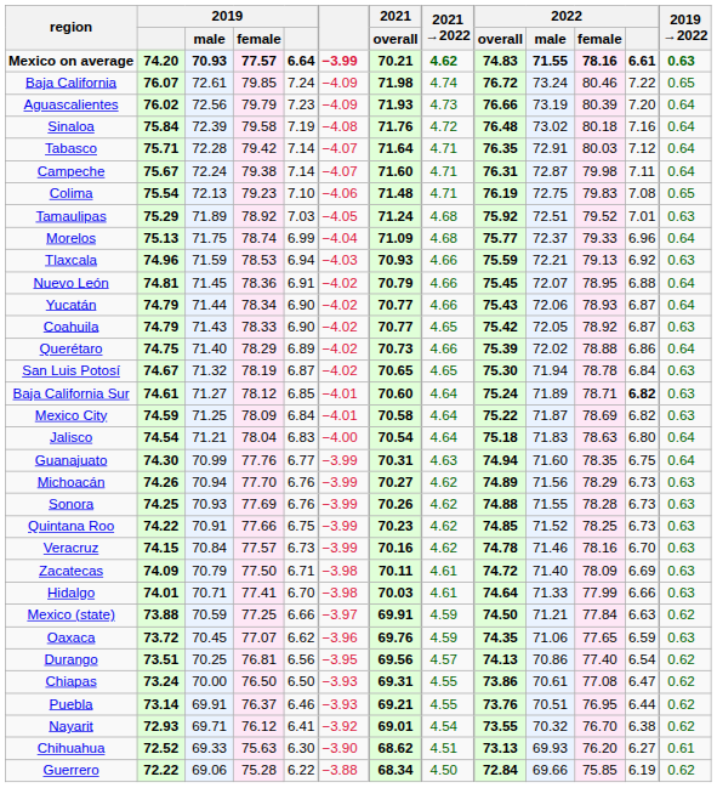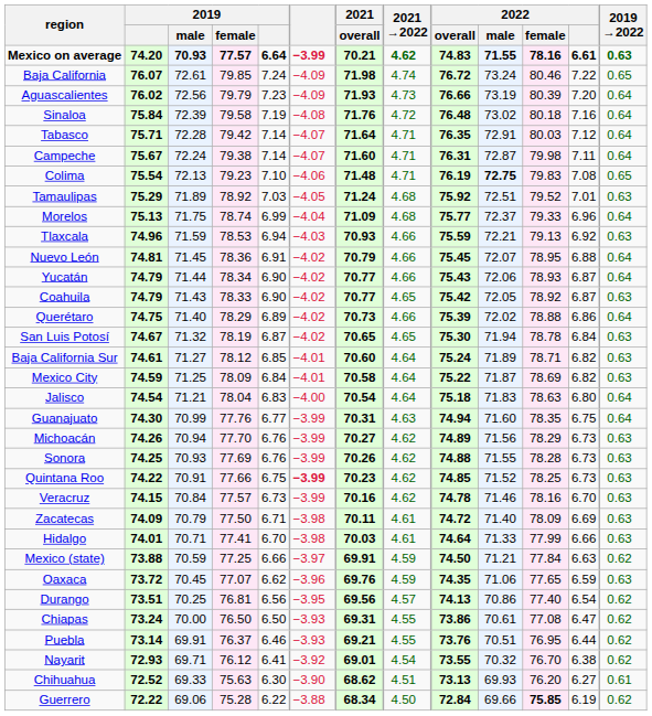 <table class="wikitable sortable mw-datatable static-row-numbers sticky-header-multi sort-under col1left col6right col8right col13right" style="text-align:center;">
 <tr>
 <th rowspan=2 style="vertical-align:middle;">region</th>
 <th colspan=4>2019</th>
 <th rowspan=2 style="vertical-align:middle;border-left-width:2px;"></th>
 <th style="border-left-width:2px;">2021</th>
 <th rowspan=2 style="vertical-align:middle;border-left-width:2px;">2021<br>→2022</th>
 <th colspan=4 style="border-left-width:2px;">2022</th>
 <th rowspan=2 style="vertical-align:middle;border-left-width:2px;">2019<br>→2022</th>
 </tr>
 <tr>
 <th style="vertical-align:middle;min-width:3em;"></th>
 <th style="vertical-align:middle;min-width:3em;">male</th>
 <th style="vertical-align:middle;min-width:3em;">female</th>
 <th></th>
 <th style="vertical-align:middle;min-width:3em;border-left-width:2px;">overall</th>
 <th style="vertical-align:middle;min-width:3em;border-left-width:2px;">overall</th>
 <th style="vertical-align:middle;min-width:3em;">male</th>
 <th style="vertical-align:middle;min-width:3em;">female</th>
 <th></th>
 </tr>
 <tr class=static-row-header>
 <td><strong>Mexico on average</strong></td>
 <td style="background:#e0ffd8;"><strong>74.20</strong></td>
 <td style="background:#eaf3ff;"><strong>70.93</strong></td>
 <td style="background:#fee7f6;"><strong>77.57</strong></td>
 <td><strong>6.64</strong></td>
 <td style="padding-right:1.5ex;color:crimson;border-left-width:2px;"><strong>−3.99</strong></td>
 <td style="background:#e0ffd8;border-left-width:2px;"><strong>70.21</strong></td>
 <td style="padding-right:1.5ex;color:darkgreen;border-left-width:2px;"><strong>4.62</strong></td>
 <td style="background:#e0ffd8;border-left-width:2px;"><strong>74.83</strong></td>
 <td style="background:#eaf3ff;"><strong>71.55</strong></td>
 <td style="background:#fee7f6;"><strong>78.16</strong></td>
 <td><strong>6.61</strong></td>
 <td style="padding-right:1.5ex;color:darkgreen;border-left-width:2px;"><strong>0.63</strong></td>
 </tr>
 <tr>
 <td><a href='#'>Baja California</a></td>
 <td style="background:#e0ffd8;"><strong>76.07</strong></td>
 <td style="background:#eaf3ff;">72.61</td>
 <td style="background:#fee7f6;">79.85</td>
 <td>7.24</td>
 <td style="padding-right:1.5ex;color:crimson;border-left-width:2px;">−4.09</td>
 <td style="background:#e0ffd8;border-left-width:2px;"><strong>71.98</strong></td>
 <td style="padding-right:1.5ex;color:darkgreen;border-left-width:2px;">4.74</td>
 <td style="background:#e0ffd8;border-left-width:2px;"><strong>76.72</strong></td>
 <td style="background:#eaf3ff;">73.24</td>
 <td style="background:#fee7f6;">80.46</td>
 <td>7.22</td>
 <td style="padding-right:1.5ex;color:darkgreen;border-left-width:2px;">0.65</td>
 </tr>
 <tr>
 <td><a href='#'>Aguascalientes</a></td>
 <td style="background:#e0ffd8;"><strong>76.02</strong></td>
 <td style="background:#eaf3ff;">72.56</td>
 <td style="background:#fee7f6;">79.79</td>
 <td>7.23</td>
 <td style="padding-right:1.5ex;color:crimson;border-left-width:2px;">−4.09</td>
 <td style="background:#e0ffd8;border-left-width:2px;"><strong>71.93</strong></td>
 <td style="padding-right:1.5ex;color:darkgreen;border-left-width:2px;">4.73</td>
 <td style="background:#e0ffd8;border-left-width:2px;"><strong>76.66</strong></td>
 <td style="background:#eaf3ff;">73.19</td>
 <td style="background:#fee7f6;">80.39</td>
 <td>7.20</td>
 <td style="padding-right:1.5ex;color:darkgreen;border-left-width:2px;">0.64</td>
 </tr>
 <tr>
 <td><a href='#'>Sinaloa</a></td>
 <td style="background:#e0ffd8;"><strong>75.84</strong></td>
 <td style="background:#eaf3ff;">72.39</td>
 <td style="background:#fee7f6;">79.58</td>
 <td>7.19</td>
 <td style="padding-right:1.5ex;color:crimson;border-left-width:2px;">−4.08</td>
 <td style="background:#e0ffd8;border-left-width:2px;"><strong>71.76</strong></td>
 <td style="padding-right:1.5ex;color:darkgreen;border-left-width:2px;">4.72</td>
 <td style="background:#e0ffd8;border-left-width:2px;"><strong>76.48</strong></td>
 <td style="background:#eaf3ff;">73.02</td>
 <td style="background:#fee7f6;">80.18</td>
 <td>7.16</td>
 <td style="padding-right:1.5ex;color:darkgreen;border-left-width:2px;">0.64</td>
 </tr>
 <tr>
 <td><a href='#'>Tabasco</a></td>
 <td style="background:#e0ffd8;"><strong>75.71</strong></td>
 <td style="background:#eaf3ff;">72.28</td>
 <td style="background:#fee7f6;">79.42</td>
 <td>7.14</td>
 <td style="padding-right:1.5ex;color:crimson;border-left-width:2px;">−4.07</td>
 <td style="background:#e0ffd8;border-left-width:2px;"><strong>71.64</strong></td>
 <td style="padding-right:1.5ex;color:darkgreen;border-left-width:2px;">4.71</td>
 <td style="background:#e0ffd8;border-left-width:2px;"><strong>76.35</strong></td>
 <td style="background:#eaf3ff;">72.91</td>
 <td style="background:#fee7f6;">80.03</td>
 <td>7.12</td>
 <td style="padding-right:1.5ex;color:darkgreen;border-left-width:2px;">0.64</td>
 </tr>
 <tr>
 <td><a href='#'>Campeche</a></td>
 <td style="background:#e0ffd8;"><strong>75.67</strong></td>
 <td style="background:#eaf3ff;">72.24</td>
 <td style="background:#fee7f6;">79.38</td>
 <td>7.14</td>
 <td style="padding-right:1.5ex;color:crimson;border-left-width:2px;">−4.07</td>
 <td style="background:#e0ffd8;border-left-width:2px;"><strong>71.60</strong></td>
 <td style="padding-right:1.5ex;color:darkgreen;border-left-width:2px;">4.71</td>
 <td style="background:#e0ffd8;border-left-width:2px;"><strong>76.31</strong></td>
 <td style="background:#eaf3ff;">72.87</td>
 <td style="background:#fee7f6;">79.98</td>
 <td>7.11</td>
 <td style="padding-right:1.5ex;color:darkgreen;border-left-width:2px;">0.64</td>
 </tr>
 <tr>
 <td><a href='#'>Colima</a></td>
 <td style="background:#e0ffd8;"><strong>75.54</strong></td>
 <td style="background:#eaf3ff;">72.13</td>
 <td style="background:#fee7f6;">79.23</td>
 <td>7.10</td>
 <td style="padding-right:1.5ex;color:crimson;border-left-width:2px;">−4.06</td>
 <td style="background:#e0ffd8;border-left-width:2px;"><strong>71.48</strong></td>
 <td style="padding-right:1.5ex;color:darkgreen;border-left-width:2px;">4.71</td>
 <td style="background:#e0ffd8;border-left-width:2px;"><strong>76.19</strong></td>
-<td style="background:#eaf3ff;">72.75</td>
+<td style="background:#eaf3ff;"><strong>72.75</strong></td>
 <td style="background:#fee7f6;">79.83</td>
 <td>7.08</td>
 <td style="padding-right:1.5ex;color:darkgreen;border-left-width:2px;">0.65</td>
 </tr>
 <tr>
 <td><a href='#'>Tamaulipas</a></td>
 <td style="background:#e0ffd8;"><strong>75.29</strong></td>
 <td style="background:#eaf3ff;">71.89</td>
 <td style="background:#fee7f6;">78.92</td>
 <td>7.03</td>
 <td style="padding-right:1.5ex;color:crimson;border-left-width:2px;">−4.05</td>
 <td style="background:#e0ffd8;border-left-width:2px;"><strong>71.24</strong></td>
 <td style="padding-right:1.5ex;color:darkgreen;border-left-width:2px;">4.68</td>
 <td style="background:#e0ffd8;border-left-width:2px;"><strong>75.92</strong></td>
 <td style="background:#eaf3ff;">72.51</td>
 <td style="background:#fee7f6;">79.52</td>
 <td>7.01</td>
 <td style="padding-right:1.5ex;color:darkgreen;border-left-width:2px;">0.63</td>
 </tr>
 <tr>
 <td><a href='#'>Morelos</a></td>
 <td style="background:#e0ffd8;"><strong>75.13</strong></td>
 <td style="background:#eaf3ff;">71.75</td>
 <td style="background:#fee7f6;">78.74</td>
 <td>6.99</td>
 <td style="padding-right:1.5ex;color:crimson;border-left-width:2px;">−4.04</td>
 <td style="background:#e0ffd8;border-left-width:2px;"><strong>71.09</strong></td>
 <td style="padding-right:1.5ex;color:darkgreen;border-left-width:2px;">4.68</td>
 <td style="background:#e0ffd8;border-left-width:2px;"><strong>75.77</strong></td>
 <td style="background:#eaf3ff;">72.37</td>
 <td style="background:#fee7f6;">79.33</td>
 <td>6.96</td>
 <td style="padding-right:1.5ex;color:darkgreen;border-left-width:2px;">0.64</td>
 </tr>
 <tr>
 <td><a href='#'>Tlaxcala</a></td>
 <td style="background:#e0ffd8;"><strong>74.96</strong></td>
 <td style="background:#eaf3ff;">71.59</td>
 <td style="background:#fee7f6;">78.53</td>
 <td>6.94</td>
 <td style="padding-right:1.5ex;color:crimson;border-left-width:2px;">−4.03</td>
 <td style="background:#e0ffd8;border-left-width:2px;"><strong>70.93</strong></td>
 <td style="padding-right:1.5ex;color:darkgreen;border-left-width:2px;">4.66</td>
 <td style="background:#e0ffd8;border-left-width:2px;"><strong>75.59</strong></td>
 <td style="background:#eaf3ff;">72.21</td>
 <td style="background:#fee7f6;">79.13</td>
 <td>6.92</td>
 <td style="padding-right:1.5ex;color:darkgreen;border-left-width:2px;">0.63</td>
 </tr>
 <tr>
 <td><a href='#'>Nuevo León</a></td>
 <td style="background:#e0ffd8;"><strong>74.81</strong></td>
 <td style="background:#eaf3ff;">71.45</td>
 <td style="background:#fee7f6;">78.36</td>
 <td>6.91</td>
 <td style="padding-right:1.5ex;color:crimson;border-left-width:2px;">−4.02</td>
 <td style="background:#e0ffd8;border-left-width:2px;"><strong>70.79</strong></td>
 <td style="padding-right:1.5ex;color:darkgreen;border-left-width:2px;">4.66</td>
 <td style="background:#e0ffd8;border-left-width:2px;"><strong>75.45</strong></td>
 <td style="background:#eaf3ff;">72.07</td>
 <td style="background:#fee7f6;">78.95</td>
 <td>6.88</td>
 <td style="padding-right:1.5ex;color:darkgreen;border-left-width:2px;">0.64</td>
 </tr>
 <tr>
 <td><a href='#'>Yucatán</a></td>
 <td style="background:#e0ffd8;"><strong>74.79</strong></td>
 <td style="background:#eaf3ff;">71.44</td>
 <td style="background:#fee7f6;">78.34</td>
 <td>6.90</td>
 <td style="padding-right:1.5ex;color:crimson;border-left-width:2px;">−4.02</td>
 <td style="background:#e0ffd8;border-left-width:2px;"><strong>70.77</strong></td>
 <td style="padding-right:1.5ex;color:darkgreen;border-left-width:2px;">4.66</td>
 <td style="background:#e0ffd8;border-left-width:2px;"><strong>75.43</strong></td>
 <td style="background:#eaf3ff;">72.06</td>
 <td style="background:#fee7f6;">78.93</td>
 <td>6.87</td>
 <td style="padding-right:1.5ex;color:darkgreen;border-left-width:2px;">0.64</td>
 </tr>
 <tr>
 <td><a href='#'>Coahuila</a></td>
 <td style="background:#e0ffd8;"><strong>74.79</strong></td>
 <td style="background:#eaf3ff;">71.43</td>
 <td style="background:#fee7f6;">78.33</td>
 <td>6.90</td>
 <td style="padding-right:1.5ex;color:crimson;border-left-width:2px;">−4.02</td>
 <td style="background:#e0ffd8;border-left-width:2px;"><strong>70.77</strong></td>
 <td style="padding-right:1.5ex;color:darkgreen;border-left-width:2px;">4.65</td>
 <td style="background:#e0ffd8;border-left-width:2px;"><strong>75.42</strong></td>
 <td style="background:#eaf3ff;">72.05</td>
 <td style="background:#fee7f6;">78.92</td>
 <td>6.87</td>
 <td style="padding-right:1.5ex;color:darkgreen;border-left-width:2px;">0.63</td>
 </tr>
 <tr>
 <td><a href='#'>Querétaro</a></td>
 <td style="background:#e0ffd8;"><strong>74.75</strong></td>
 <td style="background:#eaf3ff;">71.40</td>
 <td style="background:#fee7f6;">78.29</td>
 <td>6.89</td>
 <td style="padding-right:1.5ex;color:crimson;border-left-width:2px;">−4.02</td>
 <td style="background:#e0ffd8;border-left-width:2px;"><strong>70.73</strong></td>
 <td style="padding-right:1.5ex;color:darkgreen;border-left-width:2px;">4.66</td>
 <td style="background:#e0ffd8;border-left-width:2px;"><strong>75.39</strong></td>
 <td style="background:#eaf3ff;">72.02</td>
 <td style="background:#fee7f6;">78.88</td>
 <td>6.86</td>
 <td style="padding-right:1.5ex;color:darkgreen;border-left-width:2px;">0.64</td>
 </tr>
 <tr>
 <td><a href='#'>San Luis Potosí</a></td>
 <td style="background:#e0ffd8;"><strong>74.67</strong></td>
 <td style="background:#eaf3ff;">71.32</td>
 <td style="background:#fee7f6;">78.19</td>
 <td>6.87</td>
 <td style="padding-right:1.5ex;color:crimson;border-left-width:2px;">−4.02</td>
 <td style="background:#e0ffd8;border-left-width:2px;"><strong>70.65</strong></td>
 <td style="padding-right:1.5ex;color:darkgreen;border-left-width:2px;">4.65</td>
 <td style="background:#e0ffd8;border-left-width:2px;"><strong>75.30</strong></td>
 <td style="background:#eaf3ff;">71.94</td>
 <td style="background:#fee7f6;">78.78</td>
 <td>6.84</td>
 <td style="padding-right:1.5ex;color:darkgreen;border-left-width:2px;">0.63</td>
 </tr>
 <tr>
 <td><a href='#'>Baja California Sur</a></td>
 <td style="background:#e0ffd8;"><strong>74.61</strong></td>
 <td style="background:#eaf3ff;">71.27</td>
 <td style="background:#fee7f6;">78.12</td>
 <td>6.85</td>
 <td style="padding-right:1.5ex;color:crimson;border-left-width:2px;">−4.01</td>
 <td style="background:#e0ffd8;border-left-width:2px;"><strong>70.60</strong></td>
 <td style="padding-right:1.5ex;color:darkgreen;border-left-width:2px;">4.64</td>
 <td style="background:#e0ffd8;border-left-width:2px;"><strong>75.24</strong></td>
 <td style="background:#eaf3ff;">71.89</td>
 <td style="background:#fee7f6;">78.71</td>
-<td><strong>6.82</strong></td>
+<td>6.82</td>
 <td style="padding-right:1.5ex;color:darkgreen;border-left-width:2px;">0.63</td>
 </tr>
 <tr>
 <td><a href='#'>Mexico City</a></td>
 <td style="background:#e0ffd8;"><strong>74.59</strong></td>
 <td style="background:#eaf3ff;">71.25</td>
 <td style="background:#fee7f6;">78.09</td>
 <td>6.84</td>
 <td style="padding-right:1.5ex;color:crimson;border-left-width:2px;">−4.01</td>
 <td style="background:#e0ffd8;border-left-width:2px;"><strong>70.58</strong></td>
 <td style="padding-right:1.5ex;color:darkgreen;border-left-width:2px;">4.64</td>
 <td style="background:#e0ffd8;border-left-width:2px;"><strong>75.22</strong></td>
 <td style="background:#eaf3ff;">71.87</td>
 <td style="background:#fee7f6;">78.69</td>
 <td>6.82</td>
 <td style="padding-right:1.5ex;color:darkgreen;border-left-width:2px;">0.63</td>
 </tr>
 <tr>
 <td><a href='#'>Jalisco</a></td>
 <td style="background:#e0ffd8;"><strong>74.54</strong></td>
 <td style="background:#eaf3ff;">71.21</td>
 <td style="background:#fee7f6;">78.04</td>
 <td>6.83</td>
 <td style="padding-right:1.5ex;color:crimson;border-left-width:2px;">−4.00</td>
 <td style="background:#e0ffd8;border-left-width:2px;"><strong>70.54</strong></td>
 <td style="padding-right:1.5ex;color:darkgreen;border-left-width:2px;">4.64</td>
 <td style="background:#e0ffd8;border-left-width:2px;"><strong>75.18</strong></td>
 <td style="background:#eaf3ff;">71.83</td>
 <td style="background:#fee7f6;">78.63</td>
 <td>6.80</td>
 <td style="padding-right:1.5ex;color:darkgreen;border-left-width:2px;">0.64</td>
 </tr>
 <tr>
 <td><a href='#'>Guanajuato</a></td>
 <td style="background:#e0ffd8;"><strong>74.30</strong></td>
 <td style="background:#eaf3ff;">70.99</td>
 <td style="background:#fee7f6;">77.76</td>
 <td>6.77</td>
 <td style="padding-right:1.5ex;color:crimson;border-left-width:2px;">−3.99</td>
 <td style="background:#e0ffd8;border-left-width:2px;"><strong>70.31</strong></td>
 <td style="padding-right:1.5ex;color:darkgreen;border-left-width:2px;">4.63</td>
 <td style="background:#e0ffd8;border-left-width:2px;"><strong>74.94</strong></td>
 <td style="background:#eaf3ff;">71.60</td>
 <td style="background:#fee7f6;">78.35</td>
 <td>6.75</td>
 <td style="padding-right:1.5ex;color:darkgreen;border-left-width:2px;">0.64</td>
 </tr>
 <tr>
 <td><a href='#'>Michoacán</a></td>
 <td style="background:#e0ffd8;"><strong>74.26</strong></td>
 <td style="background:#eaf3ff;">70.94</td>
 <td style="background:#fee7f6;">77.70</td>
 <td>6.76</td>
 <td style="padding-right:1.5ex;color:crimson;border-left-width:2px;">−3.99</td>
 <td style="background:#e0ffd8;border-left-width:2px;"><strong>70.27</strong></td>
 <td style="padding-right:1.5ex;color:darkgreen;border-left-width:2px;">4.62</td>
 <td style="background:#e0ffd8;border-left-width:2px;"><strong>74.89</strong></td>
 <td style="background:#eaf3ff;">71.56</td>
 <td style="background:#fee7f6;">78.29</td>
 <td>6.73</td>
 <td style="padding-right:1.5ex;color:darkgreen;border-left-width:2px;">0.63</td>
 </tr>
 <tr>
 <td><a href='#'>Sonora</a></td>
 <td style="background:#e0ffd8;"><strong>74.25</strong></td>
 <td style="background:#eaf3ff;">70.93</td>
 <td style="background:#fee7f6;">77.69</td>
 <td>6.76</td>
 <td style="padding-right:1.5ex;color:crimson;border-left-width:2px;">−3.99</td>
 <td style="background:#e0ffd8;border-left-width:2px;"><strong>70.26</strong></td>
 <td style="padding-right:1.5ex;color:darkgreen;border-left-width:2px;">4.62</td>
 <td style="background:#e0ffd8;border-left-width:2px;"><strong>74.88</strong></td>
 <td style="background:#eaf3ff;">71.55</td>
 <td style="background:#fee7f6;">78.28</td>
 <td>6.73</td>
 <td style="padding-right:1.5ex;color:darkgreen;border-left-width:2px;">0.63</td>
 </tr>
 <tr>
 <td><a href='#'>Quintana Roo</a></td>
 <td style="background:#e0ffd8;"><strong>74.22</strong></td>
 <td style="background:#eaf3ff;">70.91</td>
 <td style="background:#fee7f6;">77.66</td>
 <td>6.75</td>
-<td style="padding-right:1.5ex;color:crimson;border-left-width:2px;">−3.99</td>
+<td style="padding-right:1.5ex;color:crimson;border-left-width:2px;"><strong>−3.99</strong></td>
 <td style="background:#e0ffd8;border-left-width:2px;"><strong>70.23</strong></td>
 <td style="padding-right:1.5ex;color:darkgreen;border-left-width:2px;">4.62</td>
 <td style="background:#e0ffd8;border-left-width:2px;"><strong>74.85</strong></td>
 <td style="background:#eaf3ff;">71.52</td>
 <td style="background:#fee7f6;">78.25</td>
 <td>6.73</td>
 <td style="padding-right:1.5ex;color:darkgreen;border-left-width:2px;">0.63</td>
 </tr>
 <tr>
 <td><a href='#'>Veracruz</a></td>
 <td style="background:#e0ffd8;"><strong>74.15</strong></td>
 <td style="background:#eaf3ff;">70.84</td>
 <td style="background:#fee7f6;">77.57</td>
 <td>6.73</td>
 <td style="padding-right:1.5ex;color:crimson;border-left-width:2px;">−3.99</td>
 <td style="background:#e0ffd8;border-left-width:2px;"><strong>70.16</strong></td>
 <td style="padding-right:1.5ex;color:darkgreen;border-left-width:2px;">4.62</td>
 <td style="background:#e0ffd8;border-left-width:2px;"><strong>74.78</strong></td>
 <td style="background:#eaf3ff;">71.46</td>
 <td style="background:#fee7f6;">78.16</td>
 <td>6.70</td>
 <td style="padding-right:1.5ex;color:darkgreen;border-left-width:2px;">0.63</td>
 </tr>
 <tr>
 <td><a href='#'>Zacatecas</a></td>
 <td style="background:#e0ffd8;"><strong>74.09</strong></td>
 <td style="background:#eaf3ff;">70.79</td>
 <td style="background:#fee7f6;">77.50</td>
 <td>6.71</td>
 <td style="padding-right:1.5ex;color:crimson;border-left-width:2px;">−3.98</td>
 <td style="background:#e0ffd8;border-left-width:2px;"><strong>70.11</strong></td>
 <td style="padding-right:1.5ex;color:darkgreen;border-left-width:2px;">4.61</td>
 <td style="background:#e0ffd8;border-left-width:2px;"><strong>74.72</strong></td>
 <td style="background:#eaf3ff;">71.40</td>
 <td style="background:#fee7f6;">78.09</td>
 <td>6.69</td>
 <td style="padding-right:1.5ex;color:darkgreen;border-left-width:2px;">0.63</td>
 </tr>
 <tr>
 <td><a href='#'>Hidalgo</a></td>
 <td style="background:#e0ffd8;"><strong>74.01</strong></td>
 <td style="background:#eaf3ff;">70.71</td>
 <td style="background:#fee7f6;">77.41</td>
 <td>6.70</td>
 <td style="padding-right:1.5ex;color:crimson;border-left-width:2px;">−3.98</td>
 <td style="background:#e0ffd8;border-left-width:2px;"><strong>70.03</strong></td>
 <td style="padding-right:1.5ex;color:darkgreen;border-left-width:2px;">4.61</td>
 <td style="background:#e0ffd8;border-left-width:2px;"><strong>74.64</strong></td>
 <td style="background:#eaf3ff;">71.33</td>
 <td style="background:#fee7f6;">77.99</td>
 <td>6.66</td>
 <td style="padding-right:1.5ex;color:darkgreen;border-left-width:2px;">0.63</td>
 </tr>
 <tr>
 <td><a href='#'>Mexico (state)</a></td>
 <td style="background:#e0ffd8;"><strong>73.88</strong></td>
 <td style="background:#eaf3ff;">70.59</td>
 <td style="background:#fee7f6;">77.25</td>
 <td>6.66</td>
 <td style="padding-right:1.5ex;color:crimson;border-left-width:2px;">−3.97</td>
 <td style="background:#e0ffd8;border-left-width:2px;"><strong>69.91</strong></td>
 <td style="padding-right:1.5ex;color:darkgreen;border-left-width:2px;">4.59</td>
 <td style="background:#e0ffd8;border-left-width:2px;"><strong>74.50</strong></td>
 <td style="background:#eaf3ff;">71.21</td>
 <td style="background:#fee7f6;">77.84</td>
 <td>6.63</td>
 <td style="padding-right:1.5ex;color:darkgreen;border-left-width:2px;">0.62</td>
 </tr>
 <tr>
 <td><a href='#'>Oaxaca</a></td>
 <td style="background:#e0ffd8;"><strong>73.72</strong></td>
 <td style="background:#eaf3ff;">70.45</td>
 <td style="background:#fee7f6;">77.07</td>
 <td>6.62</td>
 <td style="padding-right:1.5ex;color:crimson;border-left-width:2px;">−3.96</td>
 <td style="background:#e0ffd8;border-left-width:2px;"><strong>69.76</strong></td>
 <td style="padding-right:1.5ex;color:darkgreen;border-left-width:2px;">4.59</td>
 <td style="background:#e0ffd8;border-left-width:2px;"><strong>74.35</strong></td>
 <td style="background:#eaf3ff;">71.06</td>
 <td style="background:#fee7f6;">77.65</td>
 <td>6.59</td>
 <td style="padding-right:1.5ex;color:darkgreen;border-left-width:2px;">0.63</td>
 </tr>
 <tr>
 <td><a href='#'>Durango</a></td>
 <td style="background:#e0ffd8;"><strong>73.51</strong></td>
 <td style="background:#eaf3ff;">70.25</td>
 <td style="background:#fee7f6;">76.81</td>
 <td>6.56</td>
 <td style="padding-right:1.5ex;color:crimson;border-left-width:2px;">−3.95</td>
 <td style="background:#e0ffd8;border-left-width:2px;"><strong>69.56</strong></td>
 <td style="padding-right:1.5ex;color:darkgreen;border-left-width:2px;">4.57</td>
 <td style="background:#e0ffd8;border-left-width:2px;"><strong>74.13</strong></td>
 <td style="background:#eaf3ff;">70.86</td>
 <td style="background:#fee7f6;">77.40</td>
 <td>6.54</td>
 <td style="padding-right:1.5ex;color:darkgreen;border-left-width:2px;">0.62</td>
 </tr>
 <tr>
 <td><a href='#'>Chiapas</a></td>
 <td style="background:#e0ffd8;"><strong>73.24</strong></td>
 <td style="background:#eaf3ff;">70.00</td>
 <td style="background:#fee7f6;">76.50</td>
 <td>6.50</td>
 <td style="padding-right:1.5ex;color:crimson;border-left-width:2px;">−3.93</td>
 <td style="background:#e0ffd8;border-left-width:2px;"><strong>69.31</strong></td>
 <td style="padding-right:1.5ex;color:darkgreen;border-left-width:2px;">4.55</td>
 <td style="background:#e0ffd8;border-left-width:2px;"><strong>73.86</strong></td>
 <td style="background:#eaf3ff;">70.61</td>
 <td style="background:#fee7f6;">77.08</td>
 <td>6.47</td>
 <td style="padding-right:1.5ex;color:darkgreen;border-left-width:2px;">0.62</td>
 </tr>
 <tr>
 <td><a href='#'>Puebla</a></td>
 <td style="background:#e0ffd8;"><strong>73.14</strong></td>
 <td style="background:#eaf3ff;">69.91</td>
 <td style="background:#fee7f6;">76.37</td>
 <td>6.46</td>
 <td style="padding-right:1.5ex;color:crimson;border-left-width:2px;">−3.93</td>
 <td style="background:#e0ffd8;border-left-width:2px;"><strong>69.21</strong></td>
 <td style="padding-right:1.5ex;color:darkgreen;border-left-width:2px;">4.55</td>
 <td style="background:#e0ffd8;border-left-width:2px;"><strong>73.76</strong></td>
 <td style="background:#eaf3ff;">70.51</td>
 <td style="background:#fee7f6;">76.95</td>
 <td>6.44</td>
 <td style="padding-right:1.5ex;color:darkgreen;border-left-width:2px;">0.62</td>
 </tr>
 <tr>
 <td><a href='#'>Nayarit</a></td>
 <td style="background:#e0ffd8;"><strong>72.93</strong></td>
 <td style="background:#eaf3ff;">69.71</td>
 <td style="background:#fee7f6;">76.12</td>
 <td>6.41</td>
 <td style="padding-right:1.5ex;color:crimson;border-left-width:2px;">−3.92</td>
 <td style="background:#e0ffd8;border-left-width:2px;"><strong>69.01</strong></td>
 <td style="padding-right:1.5ex;color:darkgreen;border-left-width:2px;">4.54</td>
 <td style="background:#e0ffd8;border-left-width:2px;"><strong>73.55</strong></td>
 <td style="background:#eaf3ff;">70.32</td>
 <td style="background:#fee7f6;">76.70</td>
 <td>6.38</td>
 <td style="padding-right:1.5ex;color:darkgreen;border-left-width:2px;">0.62</td>
 </tr>
 <tr>
 <td><a href='#'>Chihuahua</a></td>
 <td style="background:#e0ffd8;"><strong>72.52</strong></td>
 <td style="background:#eaf3ff;">69.33</td>
 <td style="background:#fee7f6;">75.63</td>
 <td>6.30</td>
 <td style="padding-right:1.5ex;color:crimson;border-left-width:2px;">−3.90</td>
 <td style="background:#e0ffd8;border-left-width:2px;"><strong>68.62</strong></td>
 <td style="padding-right:1.5ex;color:darkgreen;border-left-width:2px;">4.51</td>
 <td style="background:#e0ffd8;border-left-width:2px;"><strong>73.13</strong></td>
 <td style="background:#eaf3ff;">69.93</td>
 <td style="background:#fee7f6;">76.20</td>
 <td>6.27</td>
 <td style="padding-right:1.5ex;color:darkgreen;border-left-width:2px;">0.61</td>
 </tr>
 <tr>
 <td><a href='#'>Guerrero</a></td>
 <td style="background:#e0ffd8;"><strong>72.22</strong></td>
 <td style="background:#eaf3ff;">69.06</td>
 <td style="background:#fee7f6;">75.28</td>
 <td>6.22</td>
 <td style="padding-right:1.5ex;color:crimson;border-left-width:2px;">−3.88</td>
 <td style="background:#e0ffd8;border-left-width:2px;"><strong>68.34</strong></td>
 <td style="padding-right:1.5ex;color:darkgreen;border-left-width:2px;">4.50</td>
 <td style="background:#e0ffd8;border-left-width:2px;"><strong>72.84</strong></td>
 <td style="background:#eaf3ff;">69.66</td>
-<td style="background:#fee7f6;">75.85</td>
+<td style="background:#fee7f6;"><strong>75.85</strong></td>
 <td>6.19</td>
 <td style="padding-right:1.5ex;color:darkgreen;border-left-width:2px;">0.62</td>
 </tr>
 </table>
